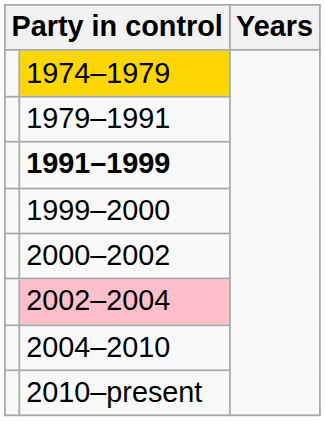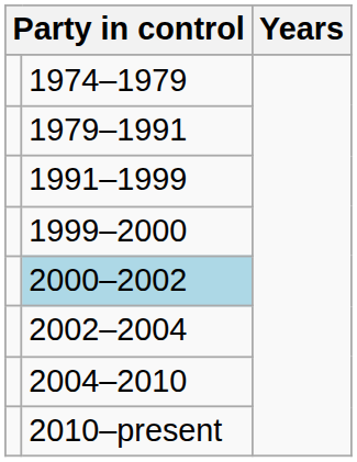 <table class="wikitable">
 <tr>
 <th colspan="2">Party in control</th>
 <th>Years</th>
 </tr>
 <tr>
 <td></td>
-<td style="background: gold;">1974–1979</td>
+<td>1974–1979</td>
 </tr>
 <tr>
 <td></td>
 <td>1979–1991</td>
 </tr>
 <tr>
 <td></td>
-<td><strong>1991–1999</strong></td>
+<td>1991–1999</td>
 </tr>
 <tr>
 <td></td>
 <td>1999–2000</td>
 </tr>
 <tr>
 <td></td>
-<td>2000–2002</td>
+<td style="background: lightblue;">2000–2002</td>
 </tr>
 <tr>
 <td></td>
-<td style="background: pink;">2002–2004</td>
+<td>2002–2004</td>
 </tr>
 <tr>
 <td></td>
 <td>2004–2010</td>
 </tr>
 <tr>
 <td></td>
 <td>2010–present</td>
 </tr>
 </table>
